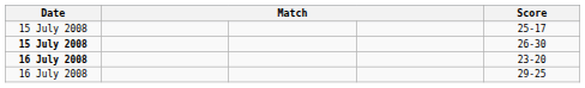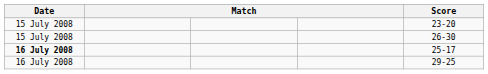 <table width=750 class="wikitable">
 <tr bgcolor="lightsteelblue">
 <th width=15%>Date</th>
 <th width=60% colspan=3>Match</th>
 <th width=15%>Score</th>
 </tr>
 <tr style=font-size:95%>
 <td align=center>15 July 2008</td>
 <td align=center></td>
 <td></td>
 <td></td>
-<td align=center>25-17</td>
+<td align=center>23-20</td>
 </tr>
 <tr style=font-size:95%>
-<td align=center><strong>15 July 2008</strong></td>
+<td align=center>15 July 2008</td>
 <td align=center></td>
 <td></td>
 <td></td>
 <td align=center>26-30</td>
 </tr>
 <tr style=font-size:95%>
 <td align=center><strong>16 July 2008</strong></td>
 <td align=center></td>
 <td></td>
 <td></td>
-<td align=center>23-20</td>
+<td align=center>25-17</td>
 </tr>
 <tr style=font-size:95%>
 <td align=center>16 July 2008</td>
 <td align=center></td>
 <td></td>
 <td></td>
 <td align=center>29-25</td>
 </tr>
 </table>
